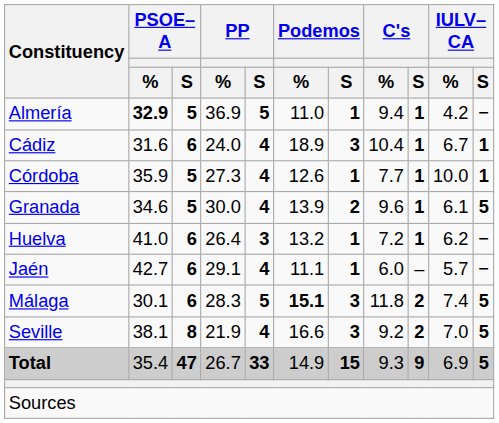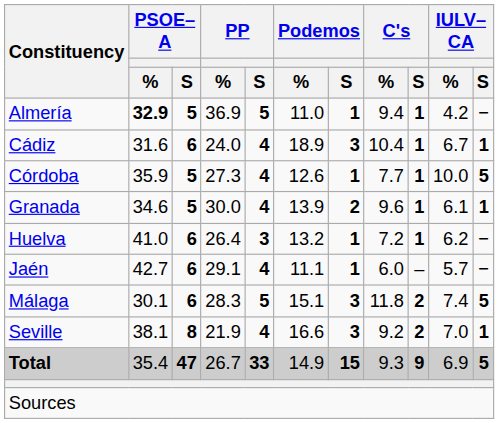 <table class="wikitable sortable" style="text-align:right; line-height:20px;">
 <tr>
 <th rowspan="3">Constituency</th>
 <th colspan="2" width="30px" class="unsortable"><a href='#'>PSOE–A</a></th>
 <th colspan="2" width="30px" class="unsortable"><a href='#'>PP</a></th>
 <th colspan="2" width="30px" class="unsortable"><a href='#'>Podemos</a></th>
 <th colspan="2" width="30px" class="unsortable"><a href='#'>C's</a></th>
 <th colspan="2" width="30px" class="unsortable"><a href='#'>IULV–CA</a></th>
 </tr>
 <tr>
 <th colspan="2" style="background:"></th>
 <th colspan="2" style="background:"></th>
 <th colspan="2" style="background:"></th>
 <th colspan="2" style="background:"></th>
 <th colspan="2" style="background:"></th>
 </tr>
 <tr>
 <th data-sort-type="number">%</th>
 <th data-sort-type="number">S</th>
 <th data-sort-type="number">%</th>
 <th data-sort-type="number">S</th>
 <th data-sort-type="number">%</th>
 <th data-sort-type="number">S</th>
 <th data-sort-type="number">%</th>
 <th data-sort-type="number">S</th>
 <th data-sort-type="number">%</th>
 <th data-sort-type="number">S</th>
 </tr>
 <tr>
 <td align="left"><a href='#'>Almería</a></td>
 <td><strong>32.9</strong></td>
 <td><strong>5</strong></td>
 <td style="background:">36.9</td>
 <td><strong>5</strong></td>
 <td>11.0</td>
 <td><strong>1</strong></td>
 <td>9.4</td>
 <td><strong>1</strong></td>
 <td>4.2</td>
 <td>−</td>
 </tr>
 <tr>
 <td align="left"><a href='#'>Cádiz</a></td>
 <td style="background:">31.6</td>
 <td><strong>6</strong></td>
 <td>24.0</td>
 <td><strong>4</strong></td>
 <td>18.9</td>
 <td><strong>3</strong></td>
 <td>10.4</td>
 <td><strong>1</strong></td>
 <td>6.7</td>
 <td><strong>1</strong></td>
 </tr>
 <tr>
 <td align="left"><a href='#'>Córdoba</a></td>
 <td style="background:">35.9</td>
 <td><strong>5</strong></td>
 <td>27.3</td>
 <td><strong>4</strong></td>
 <td>12.6</td>
 <td><strong>1</strong></td>
 <td>7.7</td>
 <td><strong>1</strong></td>
 <td>10.0</td>
-<td><strong>1</strong></td>
+<td><strong>5</strong></td>
 </tr>
 <tr>
 <td align="left"><a href='#'>Granada</a></td>
 <td style="background:">34.6</td>
 <td><strong>5</strong></td>
 <td>30.0</td>
 <td><strong>4</strong></td>
 <td>13.9</td>
 <td><strong>2</strong></td>
 <td>9.6</td>
 <td><strong>1</strong></td>
 <td>6.1</td>
-<td><strong>5</strong></td>
+<td><strong>1</strong></td>
 </tr>
 <tr>
 <td align="left"><a href='#'>Huelva</a></td>
 <td style="background:">41.0</td>
 <td><strong>6</strong></td>
 <td>26.4</td>
 <td><strong>3</strong></td>
 <td>13.2</td>
 <td><strong>1</strong></td>
 <td>7.2</td>
 <td><strong>1</strong></td>
 <td>6.2</td>
 <td>−</td>
 </tr>
 <tr>
 <td align="left"><a href='#'>Jaén</a></td>
 <td style="background:">42.7</td>
 <td><strong>6</strong></td>
 <td>29.1</td>
 <td><strong>4</strong></td>
 <td>11.1</td>
 <td><strong>1</strong></td>
 <td>6.0</td>
 <td>–</td>
 <td>5.7</td>
 <td>−</td>
 </tr>
 <tr>
 <td align="left"><a href='#'>Málaga</a></td>
 <td style="background:">30.1</td>
 <td><strong>6</strong></td>
 <td>28.3</td>
 <td><strong>5</strong></td>
-<td><strong>15.1</strong></td>
+<td>15.1</td>
 <td><strong>3</strong></td>
 <td>11.8</td>
 <td><strong>2</strong></td>
 <td>7.4</td>
 <td><strong>5</strong></td>
 </tr>
 <tr>
 <td align="left"><a href='#'>Seville</a></td>
 <td style="background:">38.1</td>
 <td><strong>8</strong></td>
 <td>21.9</td>
 <td><strong>4</strong></td>
 <td>16.6</td>
 <td><strong>3</strong></td>
 <td>9.2</td>
 <td><strong>2</strong></td>
 <td>7.0</td>
-<td><strong>5</strong></td>
+<td><strong>1</strong></td>
 </tr>
 <tr style="background:#CDCDCD;">
 <td align="left"><strong>Total</strong></td>
 <td style="background:">35.4</td>
 <td><strong>47</strong></td>
 <td>26.7</td>
 <td><strong>33</strong></td>
 <td>14.9</td>
 <td><strong>15</strong></td>
 <td>9.3</td>
 <td><strong>9</strong></td>
 <td>6.9</td>
 <td><strong>5</strong></td>
 </tr>
 <tr>
 <th colspan="11"></th>
 </tr>
 <tr>
 <th style="text-align:left; font-weight:normal; background:#F9F9F9" colspan="11">Sources</th>
 </tr>
 </table>
